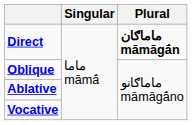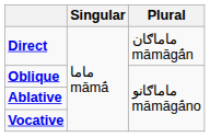 <table class="wikitable">
 <tr>
 <th></th>
 <th>Singular</th>
 <th>Plural</th>
 </tr>
 <tr>
 <td><strong><a href='#'>Direct</a></strong></td>
 <td rowspan="4">ماما<br>māmā́</td>
-<td><strong>ماماګان<br>māmāgā́n</strong></td>
+<td>ماماګان<br>māmāgā́n</td>
 </tr>
 <tr>
 <td><strong><a href='#'>Oblique</a></strong></td>
 <td rowspan="3">ماماګانو<br>māmāgā́no</td>
 </tr>
 <tr>
 <td><strong><a href='#'>Ablative</a></strong></td>
 </tr>
 <tr>
 <td><strong><a href='#'>Vocative</a></strong></td>
 </tr>
 </table>
